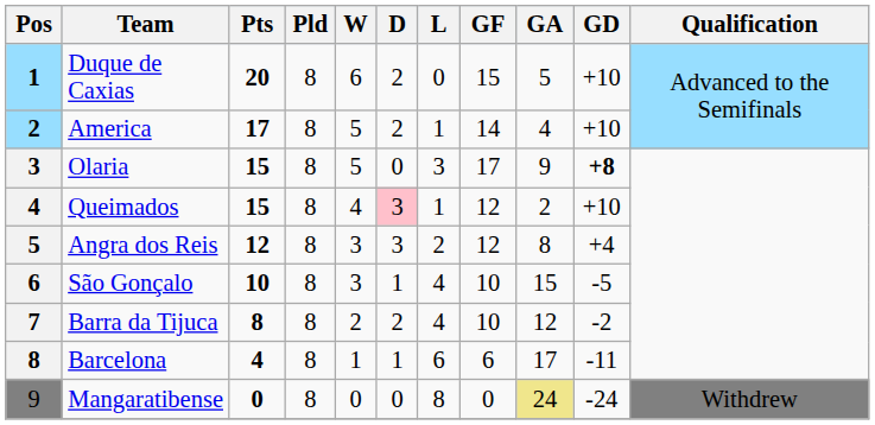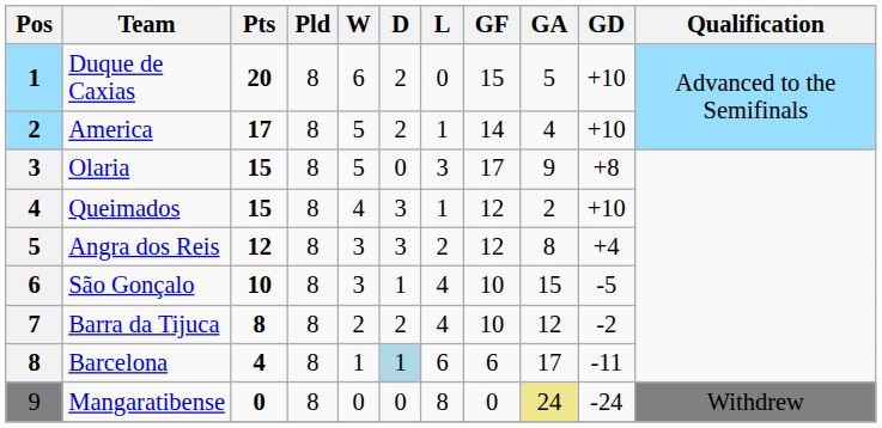 <table class="wikitable" style="text-align:center;">
 <tr bgcolor="#CCDDEE">
 <th width="30">Pos</th>
 <th width="100">Team</th>
 <th width="30">Pts</th>
 <th width="25">Pld</th>
 <th width="20">W</th>
 <th width="20">D</th>
 <th width="20">L</th>
 <th width="30">GF</th>
 <th width="30">GA</th>
 <th width="30">GD</th>
 <th width="150">Qualification</th>
 </tr>
 <tr>
 <td bgcolor="#97DEFF"><strong>1</strong></td>
 <td align="left"><a href='#'>Duque de Caxias</a></td>
 <td><strong>20</strong></td>
 <td>8</td>
 <td>6</td>
 <td>2</td>
 <td>0</td>
 <td>15</td>
 <td>5</td>
 <td>+10</td>
 <td rowspan="2" bgcolor="#97DEFF">Advanced to the Semifinals</td>
 </tr>
 <tr>
 <td bgcolor="#97DEFF"><strong>2</strong></td>
 <td align="left"><a href='#'>America</a></td>
 <td><strong>17</strong></td>
 <td>8</td>
 <td>5</td>
 <td>2</td>
 <td>1</td>
 <td>14</td>
 <td>4</td>
 <td>+10</td>
 </tr>
 <tr>
 <th>3</th>
 <td align="left"><a href='#'>Olaria</a></td>
 <td><strong>15</strong></td>
 <td>8</td>
 <td>5</td>
 <td>0</td>
 <td>3</td>
 <td>17</td>
 <td>9</td>
-<td><strong>+8</strong></td>
+<td>+8</td>
 <td rowspan="6"></td>
 </tr>
 <tr>
 <th>4</th>
 <td align="left"><a href='#'>Queimados</a></td>
 <td><strong>15</strong></td>
 <td>8</td>
 <td>4</td>
-<td style="background: pink;">3</td>
+<td>3</td>
 <td>1</td>
 <td>12</td>
 <td>2</td>
 <td>+10</td>
 </tr>
 <tr>
 <th>5</th>
 <td align="left"><a href='#'>Angra dos Reis</a></td>
 <td><strong>12</strong></td>
 <td>8</td>
 <td>3</td>
 <td>3</td>
 <td>2</td>
 <td>12</td>
 <td>8</td>
 <td>+4</td>
 </tr>
 <tr>
 <th>6</th>
 <td align="left"><a href='#'>São Gonçalo</a></td>
 <td><strong>10</strong></td>
 <td>8</td>
 <td>3</td>
 <td>1</td>
 <td>4</td>
 <td>10</td>
 <td>15</td>
 <td>-5</td>
 </tr>
 <tr>
 <th>7</th>
 <td align="left"><a href='#'>Barra da Tijuca</a></td>
 <td><strong>8</strong></td>
 <td>8</td>
 <td>2</td>
 <td>2</td>
 <td>4</td>
 <td>10</td>
 <td>12</td>
 <td>-2</td>
 </tr>
 <tr>
 <th>8</th>
 <td align="left"><a href='#'>Barcelona</a></td>
 <td><strong>4</strong></td>
 <td>8</td>
 <td>1</td>
-<td>1</td>
+<td style="background: lightblue;">1</td>
 <td>6</td>
 <td>6</td>
 <td>17</td>
 <td>-11</td>
 </tr>
 <tr>
 <td bgcolor=grey>9</td>
 <td align="left"><a href='#'>Mangaratibense</a></td>
 <td><strong>0</strong></td>
 <td>8</td>
 <td>0</td>
 <td>0</td>
 <td>8</td>
 <td>0</td>
 <td style="background: khaki;">24</td>
 <td>-24</td>
 <td rowspan="1" bgcolor=grey>Withdrew</td>
 </tr>
 <tr>
 </tr>
 </table>
